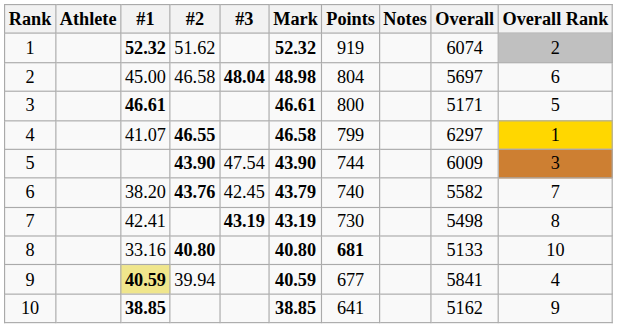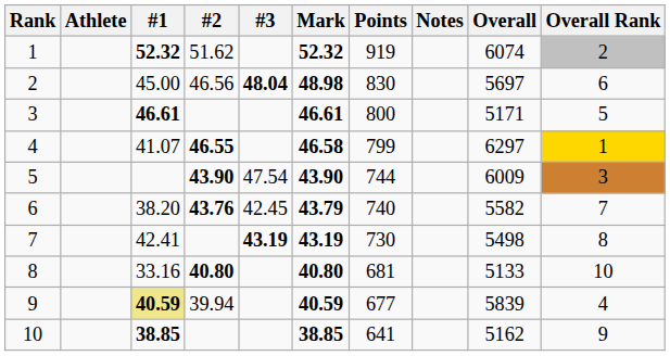 <table class="wikitable sortable" style="text-align:center">
 <tr>
 <th>Rank</th>
 <th>Athlete</th>
 <th>#1</th>
 <th>#2</th>
 <th>#3</th>
 <th>Mark</th>
 <th>Points</th>
 <th>Notes</th>
 <th>Overall</th>
 <th>Overall Rank</th>
 </tr>
 <tr>
 <td>1</td>
 <td align="left"></td>
 <td><strong>52.32</strong></td>
 <td>51.62</td>
 <td></td>
 <td><strong>52.32</strong></td>
 <td>919</td>
 <td></td>
 <td>6074</td>
 <td style="background-color:#c0c0c0">2</td>
 </tr>
 <tr>
 <td>2</td>
 <td align="left"></td>
 <td>45.00</td>
-<td>46.58</td>
+<td>46.56</td>
 <td><strong>48.04</strong></td>
 <td><strong>48.98</strong></td>
-<td>804</td>
+<td>830</td>
 <td></td>
 <td>5697</td>
 <td>6</td>
 </tr>
 <tr>
 <td>3</td>
 <td align="left"></td>
 <td><strong>46.61</strong></td>
 <td></td>
 <td></td>
 <td><strong>46.61</strong></td>
 <td>800</td>
 <td></td>
 <td>5171</td>
 <td>5</td>
 </tr>
 <tr>
 <td>4</td>
 <td align="left"></td>
 <td>41.07</td>
 <td><strong>46.55</strong></td>
 <td></td>
 <td><strong>46.58</strong></td>
 <td>799</td>
 <td></td>
 <td>6297</td>
 <td style="background-color:#ffd700">1</td>
 </tr>
 <tr>
 <td>5</td>
 <td align="left"></td>
 <td></td>
 <td><strong>43.90</strong></td>
 <td>47.54</td>
 <td><strong>43.90</strong></td>
 <td>744</td>
 <td></td>
 <td>6009</td>
 <td style="background-color:#cd7f32">3</td>
 </tr>
 <tr>
 <td>6</td>
 <td align="left"></td>
 <td>38.20</td>
 <td><strong>43.76</strong></td>
 <td>42.45</td>
 <td><strong>43.79</strong></td>
 <td>740</td>
 <td></td>
 <td>5582</td>
 <td>7</td>
 </tr>
 <tr>
 <td>7</td>
 <td align="left"></td>
 <td>42.41</td>
 <td></td>
 <td><strong>43.19</strong></td>
 <td><strong>43.19</strong></td>
 <td>730</td>
 <td></td>
 <td>5498</td>
 <td>8</td>
 </tr>
 <tr>
 <td>8</td>
 <td align="left"></td>
 <td>33.16</td>
 <td><strong>40.80</strong></td>
 <td></td>
 <td><strong>40.80</strong></td>
-<td><strong>681</strong></td>
+<td>681</td>
 <td></td>
 <td>5133</td>
 <td>10</td>
 </tr>
 <tr>
 <td>9</td>
 <td align="left"></td>
 <td style="background: khaki;"><strong>40.59</strong></td>
 <td>39.94</td>
 <td></td>
 <td><strong>40.59</strong></td>
 <td>677</td>
 <td></td>
-<td>5841</td>
+<td>5839</td>
 <td>4</td>
 </tr>
 <tr>
 <td>10</td>
 <td align="left"></td>
 <td><strong>38.85</strong></td>
 <td></td>
 <td></td>
 <td><strong>38.85</strong></td>
 <td>641</td>
 <td></td>
 <td>5162</td>
 <td>9</td>
 </tr>
 </table>
